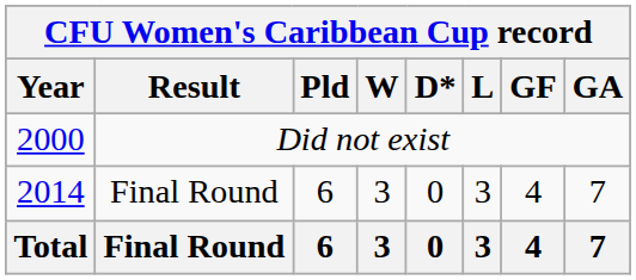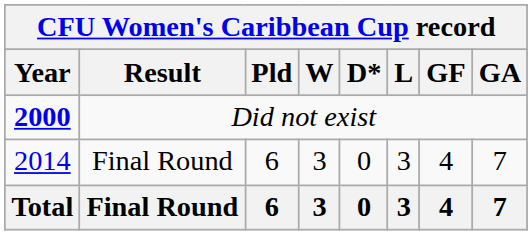 <table class="wikitable" style="text-align: center;">
 <tr>
 <th colspan=8><a href='#'>CFU Women's Caribbean Cup</a> record</th>
 </tr>
 <tr>
 <th>Year</th>
 <th>Result</th>
 <th>Pld</th>
 <th>W</th>
 <th>D*</th>
 <th>L</th>
 <th>GF</th>
 <th>GA</th>
 </tr>
 <tr>
-<td> <a href='#'>2000</a></td>
+<td><strong> <a href='#'>2000</a></strong></td>
 <td colspan=7><em>Did not exist</em></td>
 </tr>
 <tr>
 <td> <a href='#'>2014</a></td>
 <td>Final Round</td>
 <td>6</td>
 <td>3</td>
 <td>0</td>
 <td>3</td>
 <td>4</td>
 <td>7</td>
 </tr>
 <tr>
 <th>Total</th>
 <th>Final Round</th>
 <th>6</th>
 <th>3</th>
 <th>0</th>
 <th>3</th>
 <th>4</th>
 <th>7</th>
 </tr>
 </table>
